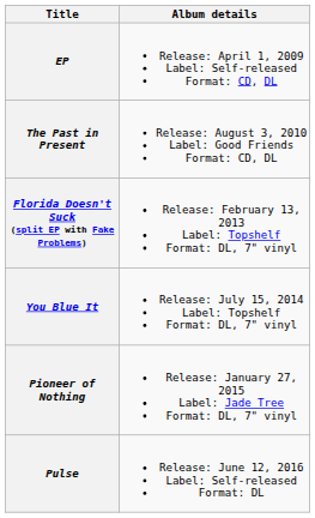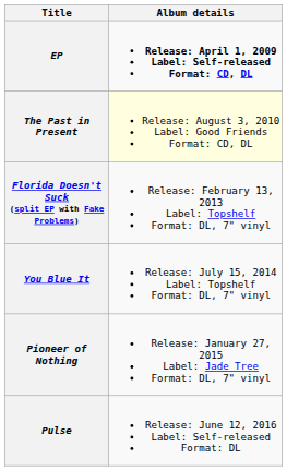 <table class="wikitable plainrowheaders" style="text-align:center;">
 <tr>
 <th scope="col" rowspan="1" style="width:10em;">Title</th>
 <th scope="col" rowspan="1" style="width:17em;">Album details</th>
 </tr>
 <tr>
 <th scope="row"><em>EP</em></th>
-<td><br><ul><li>Release:  April 1, 2009</li><li>Label: Self-released</li><li>Format: <a href='#'>CD</a>, <a href='#'>DL</a></li></ul></td>
+<td><strong><br><ul><li>Release:  April 1, 2009</li><li>Label: Self-released</li><li>Format: <a href='#'>CD</a>, <a href='#'>DL</a></li></ul></strong></td>
 </tr>
 <tr>
 <th scope="row"><em>The Past in Present</em></th>
-<td><br><ul><li>Release:  August 3, 2010</li><li>Label: Good Friends</li><li>Format: CD, DL</li></ul></td>
+<td style="background: lightyellow;"><br><ul><li>Release:  August 3, 2010</li><li>Label: Good Friends</li><li>Format: CD, DL</li></ul></td>
 </tr>
 <tr>
 <th scope="row"><em><a href='#'>Florida Doesn't Suck</a></em><br><small>(<a href='#'>split EP</a> with <a href='#'>Fake Problems</a>)</small></th>
 <td><br><ul><li>Release:  February 13, 2013</li><li>Label: <a href='#'>Topshelf</a></li><li>Format: DL, 7" vinyl</li></ul></td>
 </tr>
 <tr>
 <th scope="row"><em><a href='#'>You Blue It</a></em></th>
 <td><br><ul><li>Release:  July 15, 2014</li><li>Label: Topshelf</li><li>Format: DL, 7" vinyl</li></ul></td>
 </tr>
 <tr>
 <th scope="row"><em>Pioneer of Nothing</em></th>
 <td><br><ul><li>Release:  January 27, 2015</li><li>Label: <a href='#'>Jade Tree</a></li><li>Format: DL, 7" vinyl</li></ul></td>
 </tr>
 <tr>
 <th scope="row"><em>Pulse</em></th>
 <td><br><ul><li>Release:  June 12, 2016</li><li>Label: Self-released</li><li>Format: DL</li></ul></td>
 </tr>
 </table>
